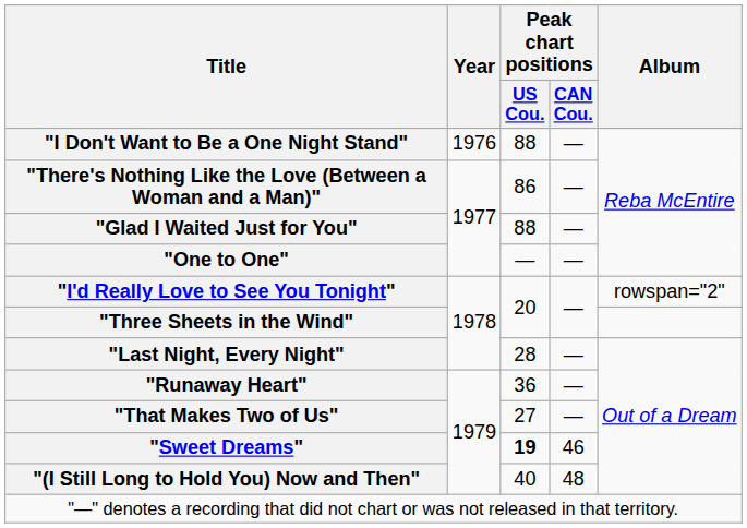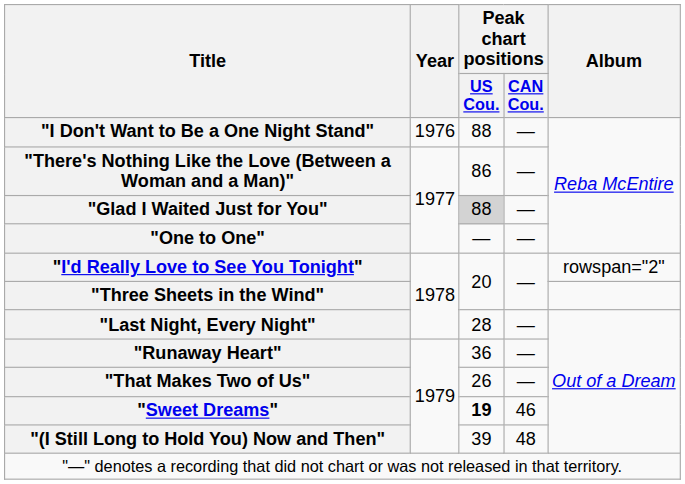 <table class="wikitable plainrowheaders" style="text-align:center;" border="1">
 <tr>
 <th scope="col" rowspan="2" style="width:22em;">Title</th>
 <th scope="col" rowspan="2">Year</th>
 <th scope="col" colspan="2">Peak chart<br>positions</th>
 <th scope="col" rowspan="2">Album</th>
 </tr>
 <tr>
 <th scope="col" style="width:2em;font-size:90%;"><a href='#'>US<br>Cou.</a><br></th>
 <th scope="col" style="width:2em;font-size:90%;"><a href='#'>CAN<br>Cou.</a><br></th>
 </tr>
 <tr>
 <th scope="row">"I Don't Want to Be a One Night Stand"</th>
 <td>1976</td>
 <td>88</td>
 <td>—</td>
 <td rowspan="4"><em><a href='#'>Reba McEntire</a></em></td>
 </tr>
 <tr>
 <th scope="row">"There's Nothing Like the Love (Between a<br>Woman and a Man)"</th>
 <td rowspan="3">1977</td>
 <td>86</td>
 <td>—</td>
 </tr>
 <tr>
 <th scope="row">"Glad I Waited Just for You"</th>
-<td>88</td>
+<td style="background: lightgrey;">88</td>
 <td>—</td>
 </tr>
 <tr>
 <th scope="row">"One to One"</th>
 <td>—</td>
 <td>—</td>
 </tr>
 <tr>
 <th scope="row">"<a href='#'>I'd Really Love to See You Tonight</a>"<br></th>
 <td rowspan="3">1978</td>
 <td rowspan="2">20</td>
 <td rowspan="2">—</td>
 <td>rowspan="2" </td>
 </tr>
 <tr>
 <th scope="row">"Three Sheets in the Wind" </th>
 </tr>
 <tr>
 <th scope="row">"Last Night, Every Night"</th>
 <td>28</td>
 <td>—</td>
 <td rowspan="5"><em><a href='#'>Out of a Dream</a></em></td>
 </tr>
 <tr>
 <th scope="row">"Runaway Heart"</th>
 <td rowspan="4">1979</td>
 <td>36</td>
 <td>—</td>
 </tr>
 <tr>
 <th scope="row">"That Makes Two of Us" </th>
-<td>27</td>
+<td>26</td>
 <td>—</td>
 </tr>
 <tr>
 <th scope="row">"<a href='#'>Sweet Dreams</a>"</th>
 <td><strong>19</strong></td>
 <td>46</td>
 </tr>
 <tr>
 <th scope="row">"(I Still Long to Hold You) Now and Then"</th>
-<td>40</td>
+<td>39</td>
 <td>48</td>
 </tr>
 <tr>
 <td colspan="5" style="font-size:90%">"—" denotes a recording that did not chart or was not released in that territory.</td>
 </tr>
 </table>
